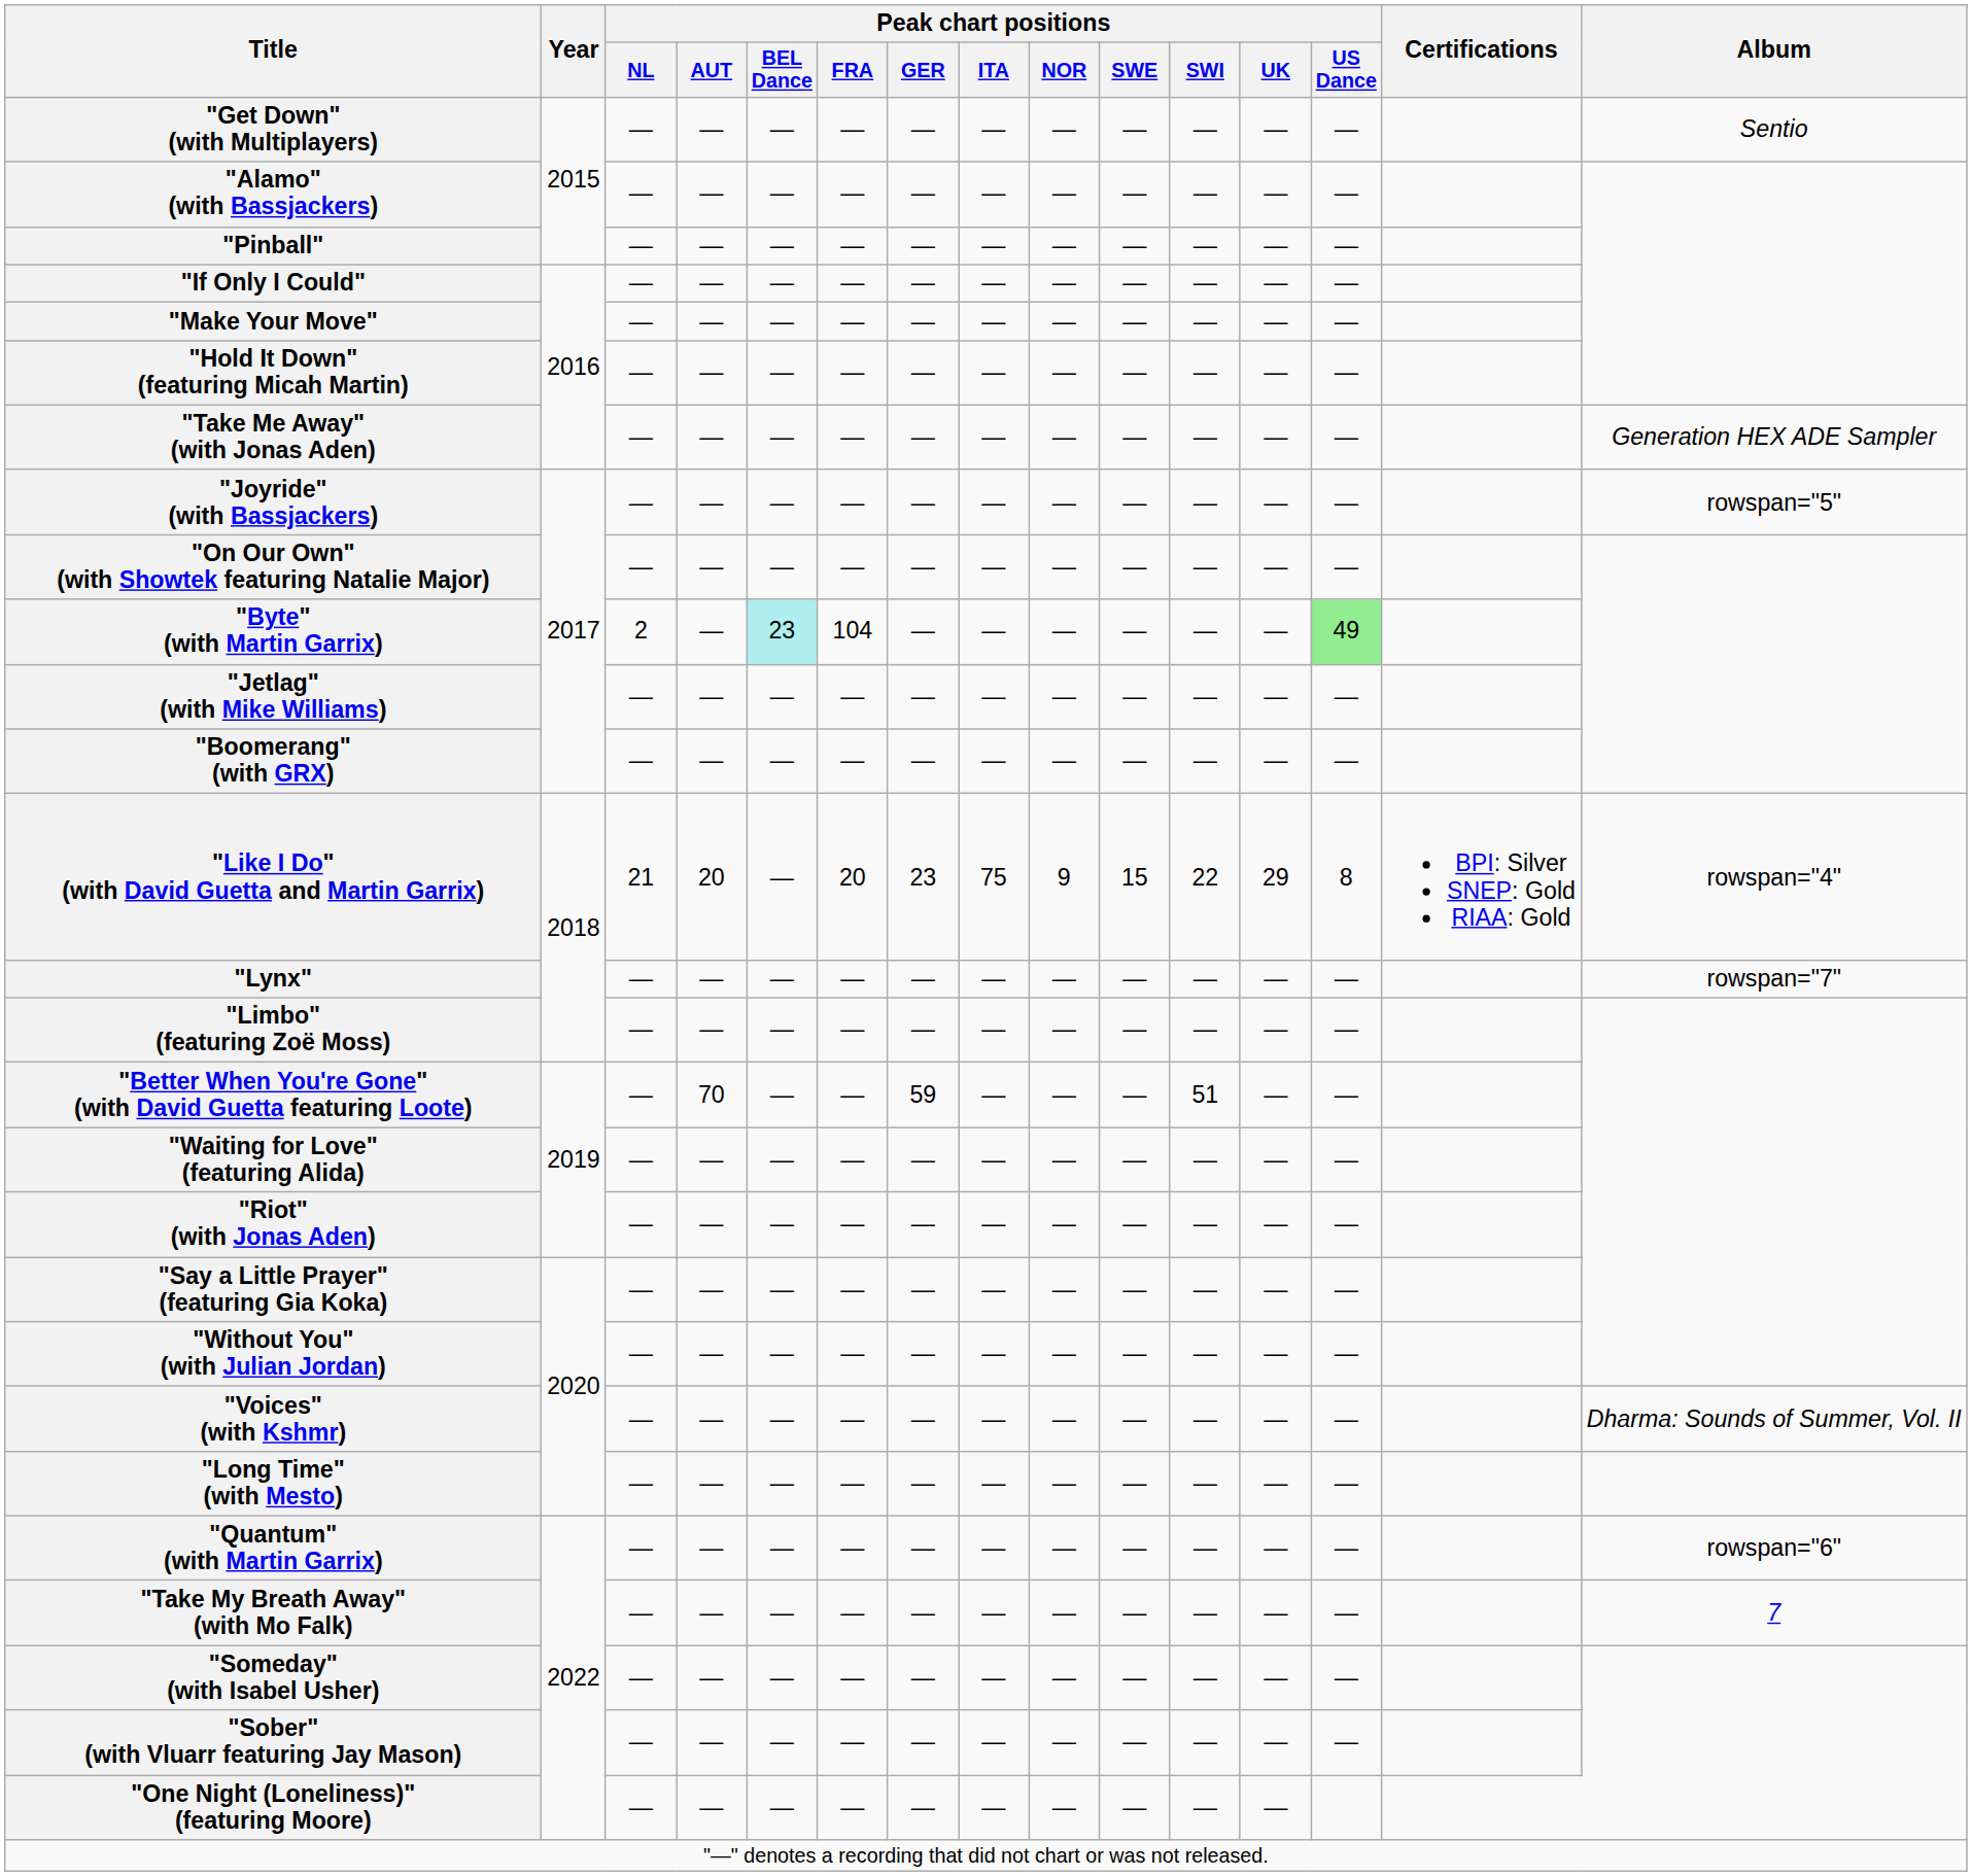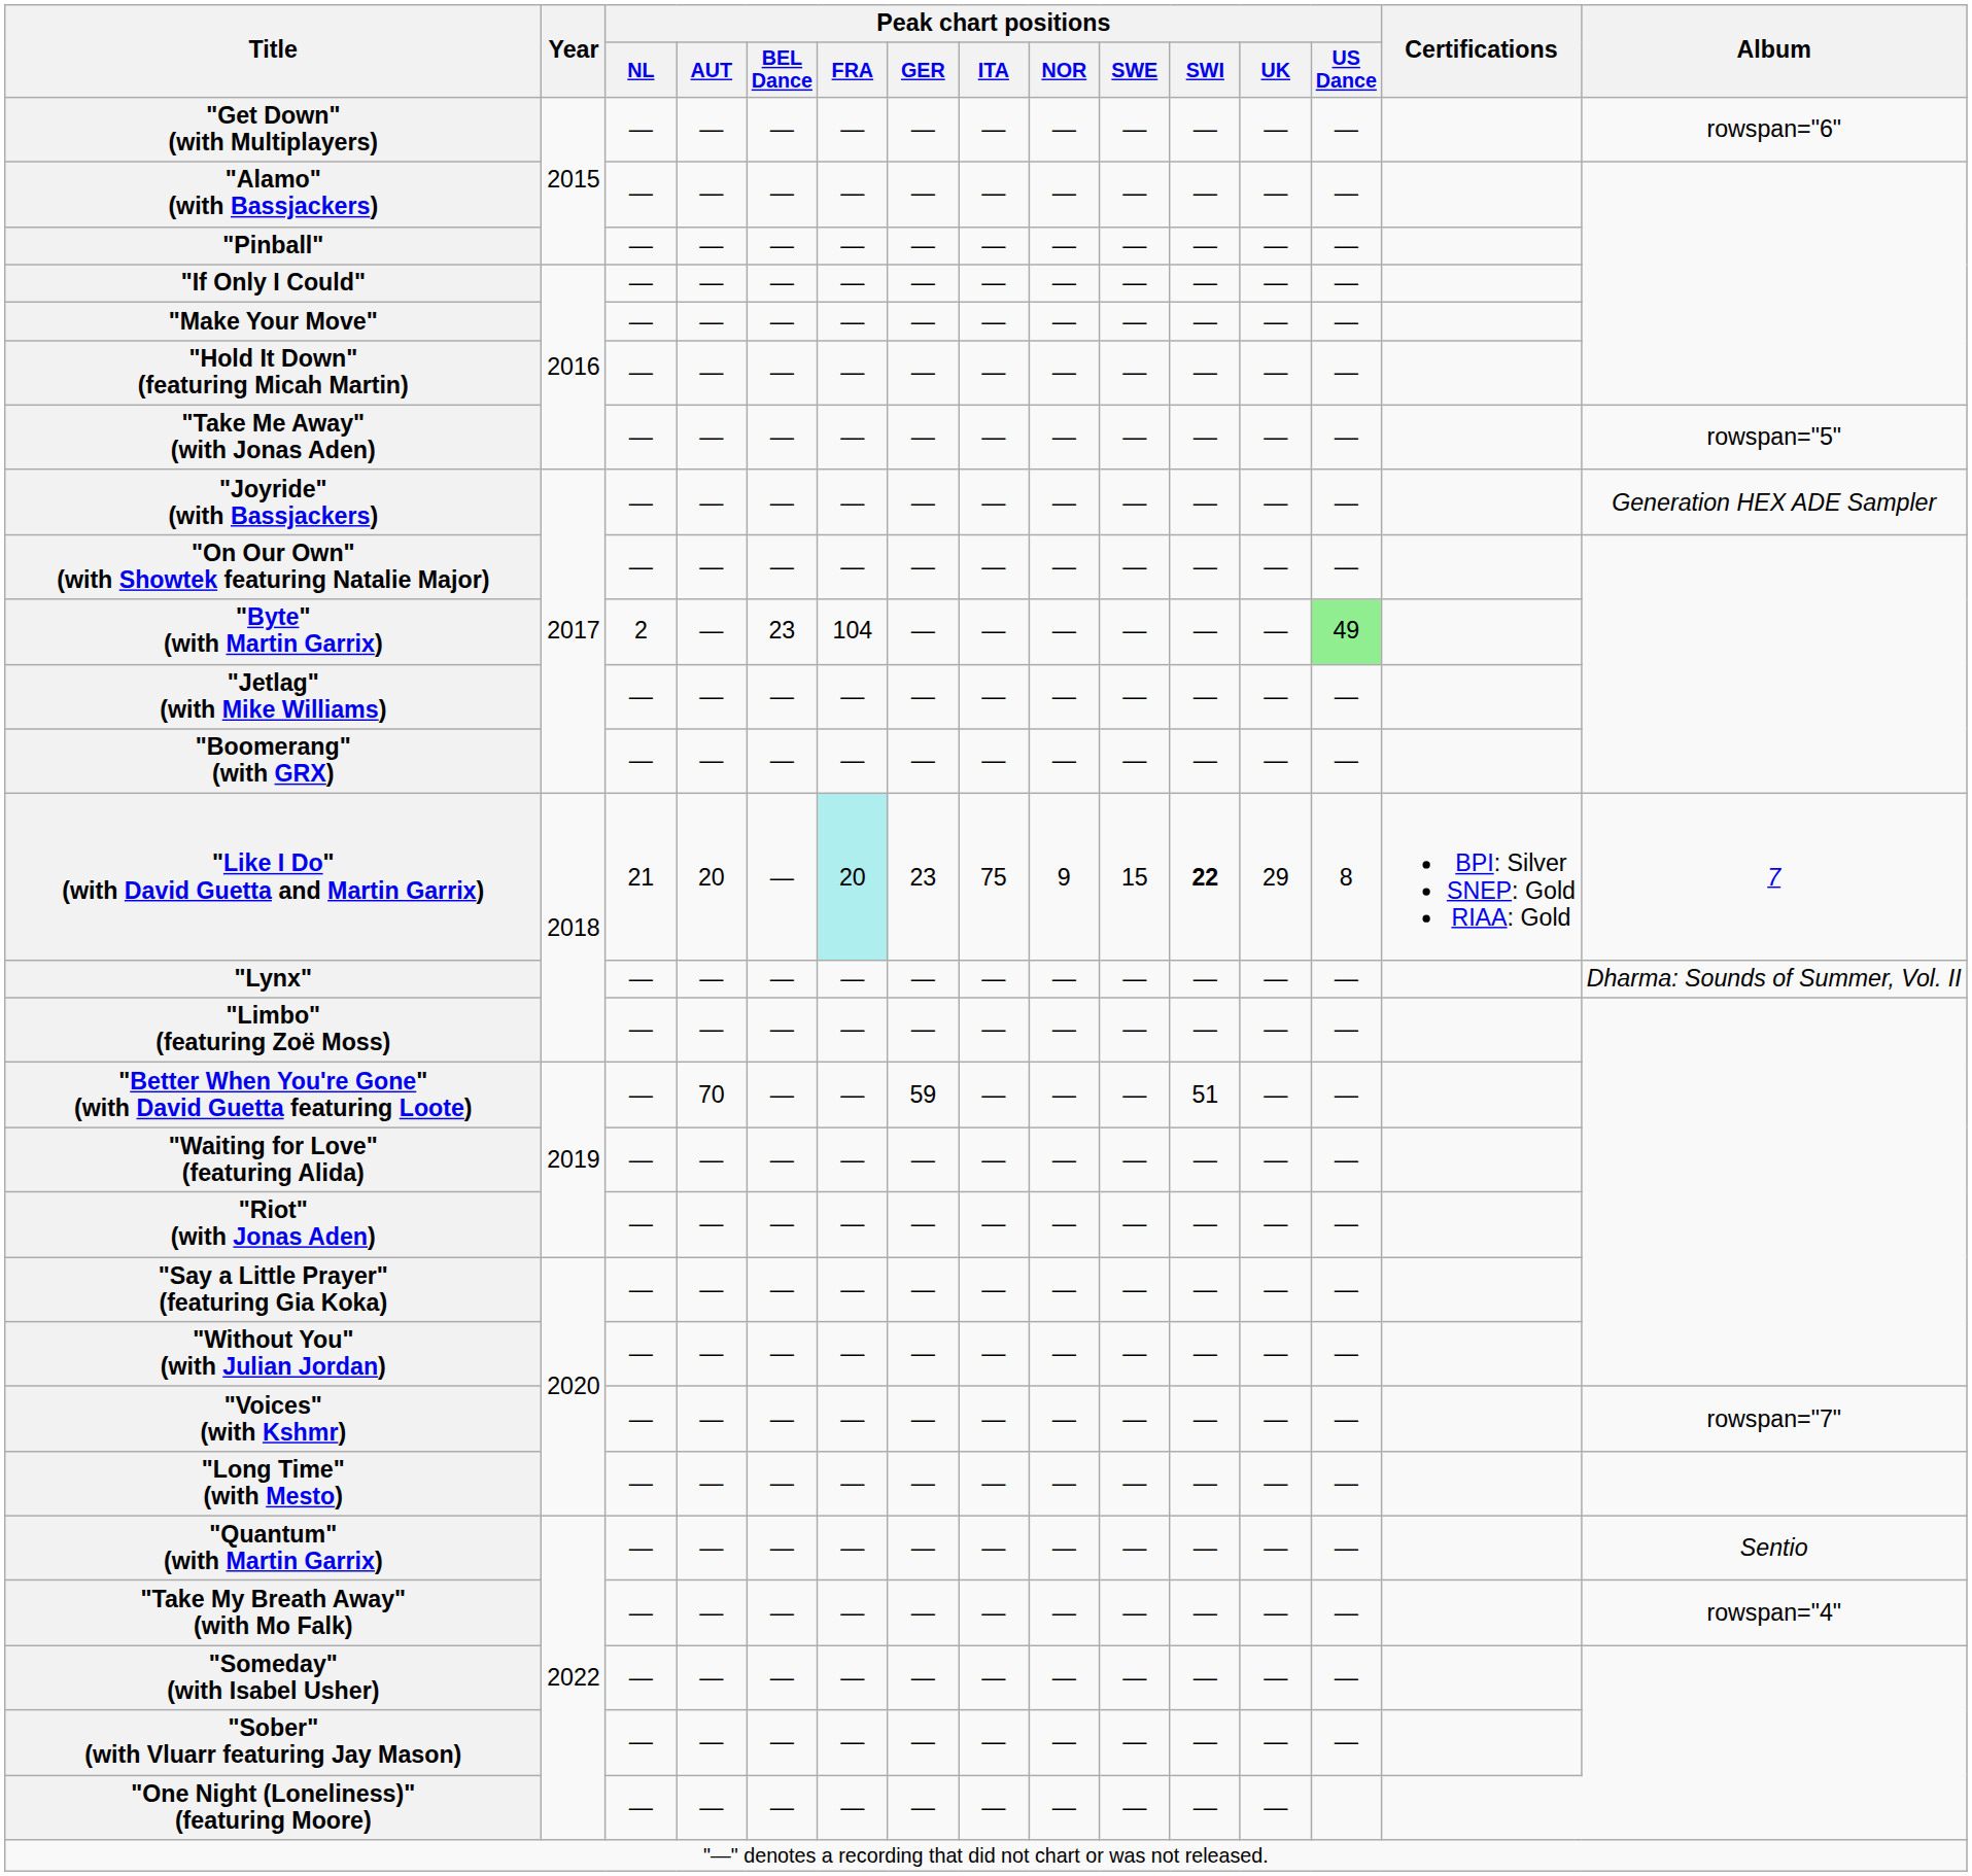 <table class="wikitable plainrowheaders" style="text-align:center;">
 <tr>
 <th scope="col" rowspan="2" style="width:22em;">Title</th>
 <th scope="col" rowspan="2" style="width:1em;">Year</th>
 <th scope="col" colspan="11">Peak chart positions</th>
 <th scope="col" rowspan="2">Certifications</th>
 <th scope="col" rowspan="2">Album</th>
 </tr>
 <tr>
 <th scope="col" style="width:3em;font-size:85%;"><a href='#'>NL</a></th>
 <th scope="col" style="width:3em;font-size:85%;"><a href='#'>AUT</a></th>
 <th scope="col" style="width:3em;font-size:85%;"><a href='#'>BEL<br>Dance</a></th>
 <th scope="col" style="width:3em;font-size:85%;"><a href='#'>FRA</a></th>
 <th scope="col" style="width:3em;font-size:85%;"><a href='#'>GER</a></th>
 <th scope="col" style="width:3em;font-size:85%;"><a href='#'>ITA</a></th>
 <th scope="col" style="width:3em;font-size:85%;"><a href='#'>NOR</a></th>
 <th scope="col" style="width:3em;font-size:85%;"><a href='#'>SWE</a></th>
 <th scope="col" style="width:3em;font-size:85%;"><a href='#'>SWI</a></th>
 <th scope="col" style="width:3em;font-size:85%;"><a href='#'>UK</a></th>
 <th scope="col" style="width:3em;font-size:85%;"><a href='#'>US<br>Dance</a></th>
 </tr>
 <tr>
 <th scope="row">"Get Down"<br><span>(with Multiplayers)</span></th>
 <td rowspan="3">2015</td>
 <td>—</td>
 <td>—</td>
 <td>—</td>
 <td>—</td>
 <td>—</td>
 <td>—</td>
 <td>—</td>
 <td>—</td>
 <td>—</td>
 <td>—</td>
 <td>—</td>
 <td></td>
-<td><em>Sentio</em></td>
+<td>rowspan="6" </td>
 </tr>
 <tr>
 <th scope="row">"Alamo"<br><span>(with <a href='#'>Bassjackers</a>)</span></th>
 <td>—</td>
 <td>—</td>
 <td>—</td>
 <td>—</td>
 <td>—</td>
 <td>—</td>
 <td>—</td>
 <td>—</td>
 <td>—</td>
 <td>—</td>
 <td>—</td>
 <td></td>
 </tr>
 <tr>
 <th scope="row">"Pinball"</th>
 <td>—</td>
 <td>—</td>
 <td>—</td>
 <td>—</td>
 <td>—</td>
 <td>—</td>
 <td>—</td>
 <td>—</td>
 <td>—</td>
 <td>—</td>
 <td>—</td>
 <td></td>
 </tr>
 <tr>
 <th scope="row">"If Only I Could"</th>
 <td rowspan="4">2016</td>
 <td>—</td>
 <td>—</td>
 <td>—</td>
 <td>—</td>
 <td>—</td>
 <td>—</td>
 <td>—</td>
 <td>—</td>
 <td>—</td>
 <td>—</td>
 <td>—</td>
 <td></td>
 </tr>
 <tr>
 <th scope="row">"Make Your Move"</th>
 <td>—</td>
 <td>—</td>
 <td>—</td>
 <td>—</td>
 <td>—</td>
 <td>—</td>
 <td>—</td>
 <td>—</td>
 <td>—</td>
 <td>—</td>
 <td>—</td>
 <td></td>
 </tr>
 <tr>
 <th scope="row">"Hold It Down"<br><span>(featuring Micah Martin)</span></th>
 <td>—</td>
 <td>—</td>
 <td>—</td>
 <td>—</td>
 <td>—</td>
 <td>—</td>
 <td>—</td>
 <td>—</td>
 <td>—</td>
 <td>—</td>
 <td>—</td>
 <td></td>
 </tr>
 <tr>
 <th scope="row">"Take Me Away"<br><span>(with Jonas Aden)</span></th>
 <td>—</td>
 <td>—</td>
 <td>—</td>
 <td>—</td>
 <td>—</td>
 <td>—</td>
 <td>—</td>
 <td>—</td>
 <td>—</td>
 <td>—</td>
 <td>—</td>
 <td></td>
-<td><em>Generation HEX ADE Sampler</em></td>
+<td>rowspan="5" </td>
 </tr>
 <tr>
 <th scope="row">"Joyride"<br><span>(with <a href='#'>Bassjackers</a>)</span></th>
 <td rowspan="5">2017</td>
 <td>—</td>
 <td>—</td>
 <td>—</td>
 <td>—</td>
 <td>—</td>
 <td>—</td>
 <td>—</td>
 <td>—</td>
 <td>—</td>
 <td>—</td>
 <td>—</td>
 <td></td>
-<td>rowspan="5" </td>
+<td><em>Generation HEX ADE Sampler</em></td>
 </tr>
 <tr>
 <th scope="row">"On Our Own"<br><span>(with <a href='#'>Showtek</a> featuring Natalie Major)</span></th>
 <td>—</td>
 <td>—</td>
 <td>—</td>
 <td>—</td>
 <td>—</td>
 <td>—</td>
 <td>—</td>
 <td>—</td>
 <td>—</td>
 <td>—</td>
 <td>—</td>
 <td></td>
 </tr>
 <tr>
 <th scope="row">"<a href='#'>Byte</a>"<br><span>(with <a href='#'>Martin Garrix</a>)</span></th>
 <td>2<br></td>
 <td>—</td>
-<td style="background: paleturquoise;">23<br></td>
+<td>23<br></td>
 <td>104<br></td>
 <td>—</td>
 <td>—</td>
 <td>—</td>
 <td>—</td>
 <td>—</td>
 <td>—</td>
 <td style="background: lightgreen;">49<br></td>
 <td></td>
 </tr>
 <tr>
 <th scope="row">"Jetlag"<br><span>(with <a href='#'>Mike Williams</a>)</span></th>
 <td>—</td>
 <td>—</td>
 <td>—</td>
 <td>—</td>
 <td>—</td>
 <td>—</td>
 <td>—</td>
 <td>—</td>
 <td>—</td>
 <td>—</td>
 <td>—</td>
 <td></td>
 </tr>
 <tr>
 <th scope="row">"Boomerang"<br><span>(with <a href='#'>GRX</a>)</span></th>
 <td>—</td>
 <td>—</td>
 <td>—</td>
 <td>—</td>
 <td>—</td>
 <td>—</td>
 <td>—</td>
 <td>—</td>
 <td>—</td>
 <td>—</td>
 <td>—</td>
 <td></td>
 </tr>
 <tr>
 <th scope="row">"<a href='#'>Like I Do</a>"<br><span>(with <a href='#'>David Guetta</a> and <a href='#'>Martin Garrix</a>)</span></th>
 <td rowspan="3">2018</td>
 <td>21</td>
 <td>20<br></td>
 <td>—</td>
-<td>20<br></td>
+<td style="background: paleturquoise;">20<br></td>
 <td>23<br></td>
 <td>75<br></td>
 <td>9<br></td>
 <td>15<br></td>
-<td>22<br></td>
+<td><strong>22<br></strong></td>
 <td>29<br></td>
 <td>8</td>
 <td><br><ul><li><a href='#'>BPI</a>: Silver</li><li><a href='#'>SNEP</a>: Gold</li><li><a href='#'>RIAA</a>: Gold</li></ul></td>
-<td>rowspan="4" </td>
+<td><em><a href='#'>7</a></em></td>
 </tr>
 <tr>
 <th scope="row">"Lynx"</th>
 <td>—</td>
 <td>—</td>
 <td>—</td>
 <td>—</td>
 <td>—</td>
 <td>—</td>
 <td>—</td>
 <td>—</td>
 <td>—</td>
 <td>—</td>
 <td>—</td>
 <td></td>
-<td>rowspan="7" </td>
+<td><em>Dharma: Sounds of Summer, Vol. II</em></td>
 </tr>
 <tr>
 <th scope="row">"Limbo" <br><span>(featuring Zoë Moss)</span></th>
 <td>—</td>
 <td>—</td>
 <td>—</td>
 <td>—</td>
 <td>—</td>
 <td>—</td>
 <td>—</td>
 <td>—</td>
 <td>—</td>
 <td>—</td>
 <td>—</td>
 <td></td>
 </tr>
 <tr>
 <th scope="row">"<a href='#'>Better When You're Gone</a>"<br><span>(with <a href='#'>David Guetta</a> featuring <a href='#'>Loote</a>)</span></th>
 <td rowspan="3">2019</td>
 <td>—</td>
 <td>70</td>
 <td>—</td>
 <td>—</td>
 <td>59</td>
 <td>—</td>
 <td>—</td>
 <td>—</td>
 <td>51</td>
 <td>—</td>
 <td>—</td>
 <td></td>
 </tr>
 <tr>
 <th scope="row">"Waiting for Love" <br><span>(featuring Alida)</span></th>
 <td>—</td>
 <td>—</td>
 <td>—</td>
 <td>—</td>
 <td>—</td>
 <td>—</td>
 <td>—</td>
 <td>—</td>
 <td>—</td>
 <td>—</td>
 <td>—</td>
 <td></td>
 </tr>
 <tr>
 <th scope="row">"Riot" <br><span>(with <a href='#'>Jonas Aden</a>)</span></th>
 <td>—</td>
 <td>—</td>
 <td>—</td>
 <td>—</td>
 <td>—</td>
 <td>—</td>
 <td>—</td>
 <td>—</td>
 <td>—</td>
 <td>—</td>
 <td>—</td>
 <td></td>
 </tr>
 <tr>
 <th scope="row">"Say a Little Prayer" <br><span>(featuring Gia Koka)</span></th>
 <td rowspan="4">2020</td>
 <td>—</td>
 <td>—</td>
 <td>—</td>
 <td>—</td>
 <td>—</td>
 <td>—</td>
 <td>—</td>
 <td>—</td>
 <td>—</td>
 <td>—</td>
 <td>—</td>
 <td></td>
 </tr>
 <tr>
 <th scope="row">"Without You" <br><span>(with <a href='#'>Julian Jordan</a>)</span></th>
 <td>—</td>
 <td>—</td>
 <td>—</td>
 <td>—</td>
 <td>—</td>
 <td>—</td>
 <td>—</td>
 <td>—</td>
 <td>—</td>
 <td>—</td>
 <td>—</td>
 <td></td>
 </tr>
 <tr>
 <th scope="row">"Voices" <br><span>(with <a href='#'>Kshmr</a>)</span></th>
 <td>—</td>
 <td>—</td>
 <td>—</td>
 <td>—</td>
 <td>—</td>
 <td>—</td>
 <td>—</td>
 <td>—</td>
 <td>—</td>
 <td>—</td>
 <td>—</td>
 <td></td>
-<td><em>Dharma: Sounds of Summer, Vol. II</em></td>
+<td>rowspan="7" </td>
 </tr>
 <tr>
 <th scope="row">"Long Time" <br><span>(with <a href='#'>Mesto</a>)</span></th>
 <td>—</td>
 <td>—</td>
 <td>—</td>
 <td>—</td>
 <td>—</td>
 <td>—</td>
 <td>—</td>
 <td>—</td>
 <td>—</td>
 <td>—</td>
 <td>—</td>
 <td></td>
 <td></td>
 </tr>
 <tr>
 <th scope="row">"Quantum"<br><span>(with <a href='#'>Martin Garrix</a>)</span></th>
 <td rowspan="5">2022</td>
 <td>—</td>
 <td>—</td>
 <td>—</td>
 <td>—</td>
 <td>—</td>
 <td>—</td>
 <td>—</td>
 <td>—</td>
 <td>—</td>
 <td>—</td>
 <td>—</td>
 <td></td>
-<td>rowspan="6" </td>
+<td><em>Sentio</em></td>
 </tr>
 <tr>
 <th scope="row">"Take My Breath Away" <br><span>(with Mo Falk)</span></th>
 <td>—</td>
 <td>—</td>
 <td>—</td>
 <td>—</td>
 <td>—</td>
 <td>—</td>
 <td>—</td>
 <td>—</td>
 <td>—</td>
 <td>—</td>
 <td>—</td>
 <td></td>
-<td><em><a href='#'>7</a></em></td>
+<td>rowspan="4" </td>
 </tr>
 <tr>
 <th scope="row">"Someday" <br><span>(with Isabel Usher)</span></th>
 <td>—</td>
 <td>—</td>
 <td>—</td>
 <td>—</td>
 <td>—</td>
 <td>—</td>
 <td>—</td>
 <td>—</td>
 <td>—</td>
 <td>—</td>
 <td>—</td>
 <td></td>
 </tr>
 <tr>
 <th scope="row">"Sober" <br><span>(with Vluarr featuring Jay Mason)</span></th>
 <td>—</td>
 <td>—</td>
 <td>—</td>
 <td>—</td>
 <td>—</td>
 <td>—</td>
 <td>—</td>
 <td>—</td>
 <td>—</td>
 <td>—</td>
 <td>—</td>
 <td></td>
 </tr>
 <tr>
 <th scope="row">"One Night (Loneliness)" <br><span>(featuring Moore)</span></th>
 <td>—</td>
 <td>—</td>
 <td>—</td>
 <td>—</td>
 <td>—</td>
 <td>—</td>
 <td>—</td>
 <td>—</td>
 <td>—</td>
 <td>—</td>
 <td></td>
 </tr>
 <tr>
 <td colspan="15" style="font-size:85%">"—" denotes a recording that did not chart or was not released.</td>
 </tr>
 </table>
